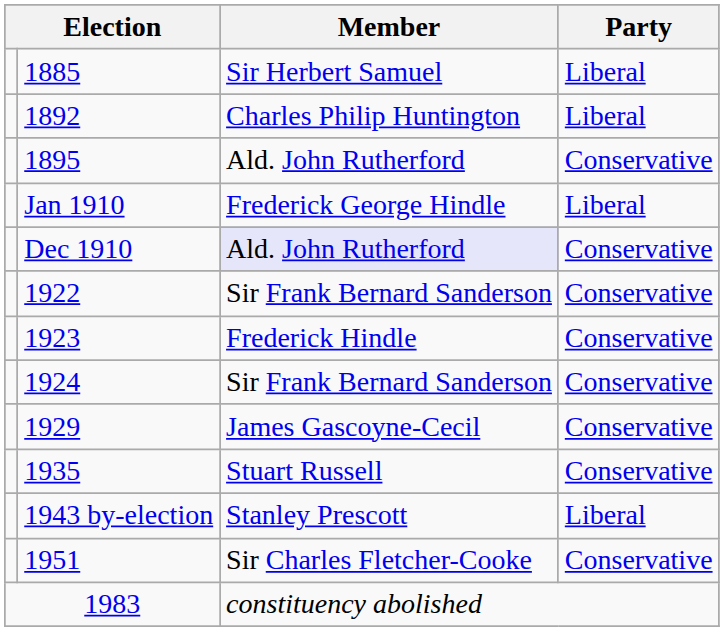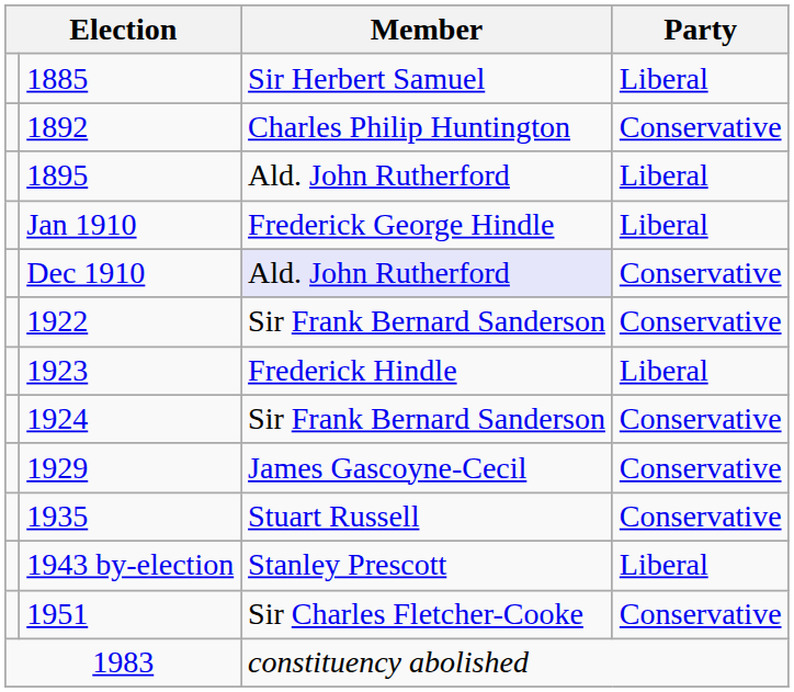 <table class="wikitable">
 <tr>
 <th colspan="2">Election</th>
 <th>Member</th>
 <th>Party</th>
 </tr>
 <tr>
 <td style="color:inherit;background-color: "></td>
 <td><a href='#'>1885</a></td>
 <td><a href='#'>Sir Herbert Samuel</a></td>
 <td><a href='#'>Liberal</a></td>
 </tr>
 <tr>
 <td style="color:inherit;background-color: "></td>
 <td><a href='#'>1892</a></td>
 <td><a href='#'>Charles Philip Huntington</a></td>
-<td><a href='#'>Liberal</a></td>
+<td><a href='#'>Conservative</a></td>
 </tr>
 <tr>
 <td style="color:inherit;background-color: "></td>
 <td><a href='#'>1895</a></td>
 <td>Ald. <a href='#'>John Rutherford</a></td>
-<td><a href='#'>Conservative</a></td>
+<td><a href='#'>Liberal</a></td>
 </tr>
 <tr>
 <td style="color:inherit;background-color: "></td>
 <td><a href='#'>Jan 1910</a></td>
 <td><a href='#'>Frederick George Hindle</a></td>
 <td><a href='#'>Liberal</a></td>
 </tr>
 <tr>
 <td style="color:inherit;background-color: "></td>
 <td><a href='#'>Dec 1910</a></td>
 <td style="background: lavender;">Ald. <a href='#'>John Rutherford</a></td>
 <td><a href='#'>Conservative</a></td>
 </tr>
 <tr>
 <td style="color:inherit;background-color: "></td>
 <td><a href='#'>1922</a></td>
 <td>Sir <a href='#'>Frank Bernard Sanderson</a></td>
 <td><a href='#'>Conservative</a></td>
 </tr>
 <tr>
 <td style="color:inherit;background-color: "></td>
 <td><a href='#'>1923</a></td>
 <td><a href='#'>Frederick Hindle</a></td>
-<td><a href='#'>Conservative</a></td>
+<td><a href='#'>Liberal</a></td>
 </tr>
 <tr>
 <td style="color:inherit;background-color: "></td>
 <td><a href='#'>1924</a></td>
 <td>Sir <a href='#'>Frank Bernard Sanderson</a></td>
 <td><a href='#'>Conservative</a></td>
 </tr>
 <tr>
 <td style="color:inherit;background-color: "></td>
 <td><a href='#'>1929</a></td>
 <td><a href='#'>James Gascoyne-Cecil</a></td>
 <td><a href='#'>Conservative</a></td>
 </tr>
 <tr>
 <td style="color:inherit;background-color: "></td>
 <td><a href='#'>1935</a></td>
 <td><a href='#'>Stuart Russell</a></td>
 <td><a href='#'>Conservative</a></td>
 </tr>
 <tr>
 <td style="color:inherit;background-color: "></td>
 <td><a href='#'>1943 by-election</a></td>
 <td><a href='#'>Stanley Prescott</a></td>
 <td><a href='#'>Liberal</a></td>
 </tr>
 <tr>
 <td style="color:inherit;background-color: "></td>
 <td><a href='#'>1951</a></td>
 <td>Sir <a href='#'>Charles Fletcher-Cooke</a></td>
 <td><a href='#'>Conservative</a></td>
 </tr>
 <tr>
 <td colspan="2" align="center"><a href='#'>1983</a></td>
 <td colspan="2"><em>constituency abolished</em></td>
 </tr>
 </table>
